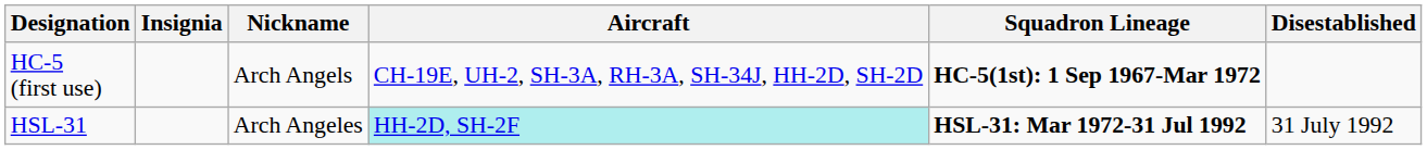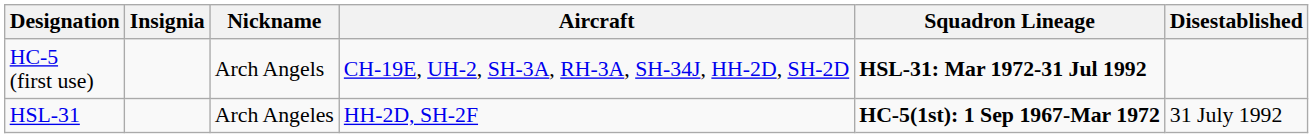 <table class="wikitable">
 <tr>
 <th>Designation</th>
 <th>Insignia</th>
 <th>Nickname</th>
 <th>Aircraft</th>
 <th>Squadron Lineage</th>
 <th>Disestablished</th>
 </tr>
 <tr>
 <td><a href='#'>HC-5</a><br>(first use)</td>
 <td></td>
 <td>Arch Angels</td>
 <td><a href='#'>CH-19E</a>, <a href='#'>UH-2</a>, <a href='#'>SH-3A</a>, <a href='#'>RH-3A</a>, <a href='#'>SH-34J</a>, <a href='#'>HH-2D</a>, <a href='#'>SH-2D</a></td>
-<td style="white-space: nowrap;"><strong>HC-5(1st): 1 Sep 1967-Mar 1972</strong></td>
+<td style="white-space: nowrap;"><strong>HSL-31: Mar 1972-31 Jul 1992</strong></td>
 </tr>
 <tr>
 <td><a href='#'>HSL-31</a></td>
 <td></td>
 <td>Arch Angeles</td>
-<td style="background: paleturquoise;"><a href='#'>HH-2D, SH-2F</a></td>
-<td style="white-space: nowrap;"><strong>HSL-31: Mar 1972-31 Jul 1992</strong></td>
+<td><a href='#'>HH-2D, SH-2F</a></td>
+<td style="white-space: nowrap;"><strong>HC-5(1st): 1 Sep 1967-Mar 1972</strong></td>
 <td>31 July 1992</td>
 </tr>
 </table>
